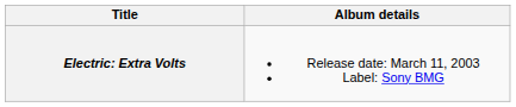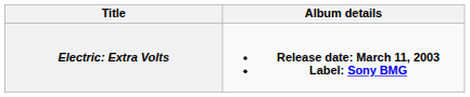 <table class="wikitable plainrowheaders" style="text-align:center;">
 <tr>
 <th style="width:18em;">Title</th>
 <th style="width:20em;">Album details</th>
 </tr>
 <tr>
 <th scope="row"><em>Electric: Extra Volts</em></th>
-<td><br><ul><li>Release date: March 11, 2003</li><li>Label: <a href='#'>Sony BMG</a></li></ul></td>
+<td><strong><br><ul><li>Release date: March 11, 2003</li><li>Label: <a href='#'>Sony BMG</a></li></ul></strong></td>
 </tr>
 </table>
